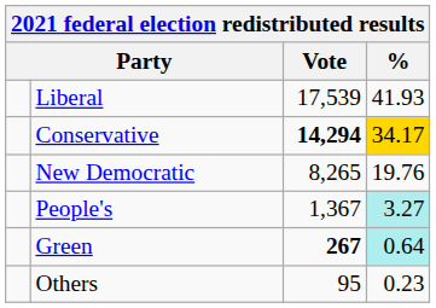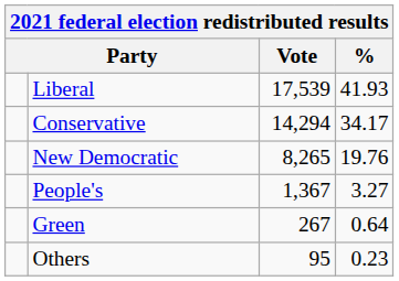 <table class="wikitable">
 <tr>
 <th colspan="4"><a href='#'>2021 federal election</a> redistributed results</th>
 </tr>
 <tr>
 <th bgcolor="#DDDDFF" width="130px" colspan="2">Party</th>
 <th bgcolor="#DDDDFF" width="50px">Vote</th>
 <th bgcolor="#DDDDFF" width="30px">%</th>
 </tr>
 <tr>
 <td> </td>
 <td><a href='#'>Liberal</a></td>
 <td align=right>17,539</td>
 <td align=right>41.93</td>
 </tr>
 <tr>
 <td> </td>
 <td><a href='#'>Conservative</a></td>
-<td align=right><strong>14,294</strong></td>
-<td align=right style="background: gold;">34.17</td>
+<td align=right>14,294</td>
+<td align=right>34.17</td>
 </tr>
 <tr>
 <td> </td>
 <td><a href='#'>New Democratic</a></td>
 <td align=right>8,265</td>
 <td align=right>19.76</td>
 </tr>
 <tr>
 <td> </td>
 <td><a href='#'>People's</a></td>
 <td align=right>1,367</td>
-<td align=right style="background: paleturquoise;">3.27</td>
+<td align=right>3.27</td>
 </tr>
 <tr>
 <td> </td>
 <td><a href='#'>Green</a></td>
-<td align=right><strong>267</strong></td>
-<td align=right style="background: paleturquoise;">0.64</td>
+<td align=right>267</td>
+<td align=right>0.64</td>
 </tr>
 <tr>
 <td> </td>
 <td>Others</td>
 <td align=right>95</td>
 <td align=right>0.23</td>
 </tr>
 </table>
